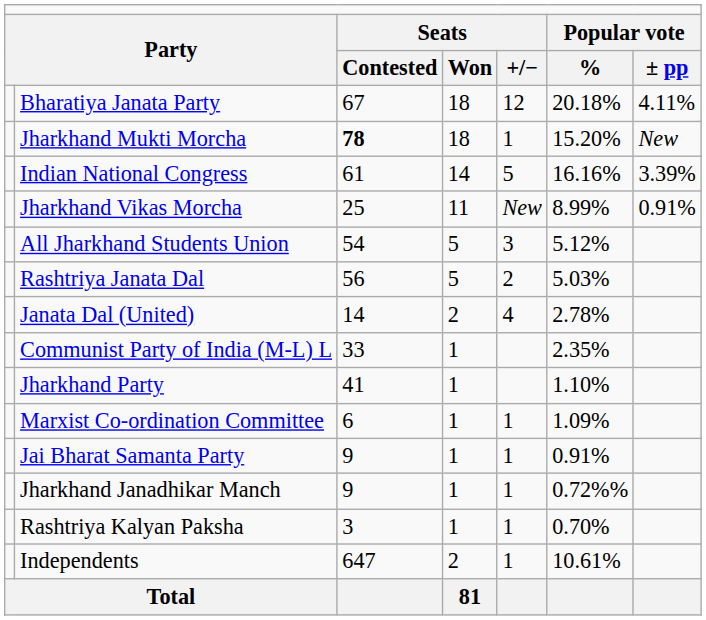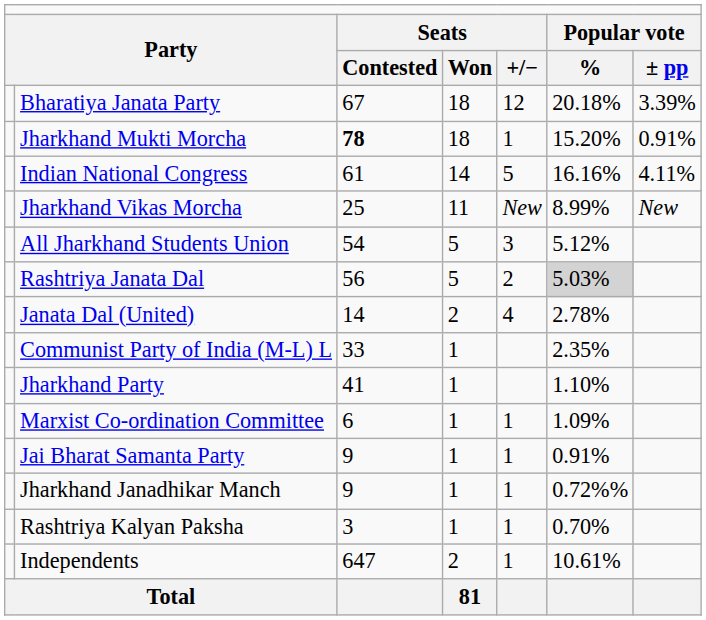 <table class="wikitable">
 <tr>
 <td colspan="7"></td>
 </tr>
 <tr>
 <th colspan="2" rowspan="2">Party</th>
 <th colspan="3">Seats</th>
 <th colspan="2">Popular vote</th>
 </tr>
 <tr>
 <th>Contested</th>
 <th>Won</th>
 <th><strong>+/−</strong></th>
 <th>%</th>
 <th>± <a href='#'>pp</a></th>
 </tr>
 <tr>
 <td style="background-color: "></td>
 <td><a href='#'>Bharatiya Janata Party</a></td>
 <td>67</td>
 <td>18</td>
 <td>12</td>
 <td>20.18%</td>
-<td>4.11%</td>
+<td> 3.39%</td>
 </tr>
 <tr>
 <td style="background-color: "></td>
 <td><a href='#'>Jharkhand Mukti Morcha</a></td>
 <td><strong>78</strong></td>
 <td>18</td>
 <td>1</td>
 <td>15.20%</td>
-<td><em>New</em></td>
+<td>0.91%</td>
 </tr>
 <tr>
 <td style="background-color: "></td>
 <td><a href='#'>Indian National Congress</a></td>
 <td>61</td>
 <td>14</td>
 <td>5</td>
 <td>16.16%</td>
-<td> 3.39%</td>
+<td>4.11%</td>
 </tr>
 <tr>
 <td style="background-color: "></td>
 <td><a href='#'>Jharkhand Vikas Morcha</a></td>
 <td>25</td>
 <td>11</td>
 <td><em>New</em></td>
 <td>8.99%</td>
-<td>0.91%</td>
+<td><em>New</em></td>
 </tr>
 <tr>
 <td style="background-color: "></td>
 <td><a href='#'>All Jharkhand Students Union</a></td>
 <td>54</td>
 <td>5</td>
 <td>3</td>
 <td>5.12%</td>
 <td></td>
 </tr>
 <tr>
 <td style="background-color: "></td>
 <td><a href='#'>Rashtriya Janata Dal</a></td>
 <td>56</td>
 <td>5</td>
 <td>2</td>
-<td>5.03%</td>
+<td style="background: lightgrey;">5.03%</td>
 <td></td>
 </tr>
 <tr>
 <td style="background-color: "></td>
 <td><a href='#'>Janata Dal (United)</a></td>
 <td>14</td>
 <td>2</td>
 <td>4</td>
 <td>2.78%</td>
 <td></td>
 </tr>
 <tr>
 <td style="background-color: "></td>
 <td><a href='#'>Communist Party of India (M-L) L</a></td>
 <td>33</td>
 <td>1</td>
 <td></td>
 <td>2.35%</td>
 <td></td>
 </tr>
 <tr>
 <td style="background-color: "></td>
 <td><a href='#'>Jharkhand Party</a></td>
 <td>41</td>
 <td>1</td>
 <td></td>
 <td>1.10%</td>
 <td></td>
 </tr>
 <tr>
 <td style="background-color: "></td>
 <td><a href='#'>Marxist Co-ordination Committee</a></td>
 <td>6</td>
 <td>1</td>
 <td>1</td>
 <td>1.09%</td>
 <td></td>
 </tr>
 <tr>
 <td style="background-color: "></td>
 <td><a href='#'>Jai Bharat Samanta Party</a></td>
 <td>9</td>
 <td>1</td>
 <td>1</td>
 <td>0.91%</td>
 <td></td>
 </tr>
 <tr>
 <td style="background-color: "></td>
 <td>Jharkhand Janadhikar Manch</td>
 <td>9</td>
 <td>1</td>
 <td>1</td>
 <td>0.72%%</td>
 <td></td>
 </tr>
 <tr>
 <td style="background-color: "></td>
 <td>Rashtriya Kalyan Paksha</td>
 <td>3</td>
 <td>1</td>
 <td>1</td>
 <td>0.70%</td>
 <td></td>
 </tr>
 <tr>
 <td style="background-color: "></td>
 <td>Independents</td>
 <td>647</td>
 <td>2</td>
 <td>1</td>
 <td>10.61%</td>
 <td></td>
 </tr>
 <tr>
 <th colspan="2">Total</th>
 <th></th>
 <th>81</th>
 <th></th>
 <th></th>
 <th></th>
 </tr>
 </table>
